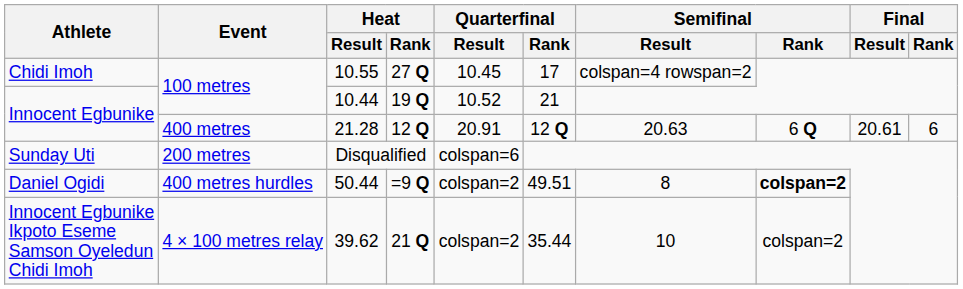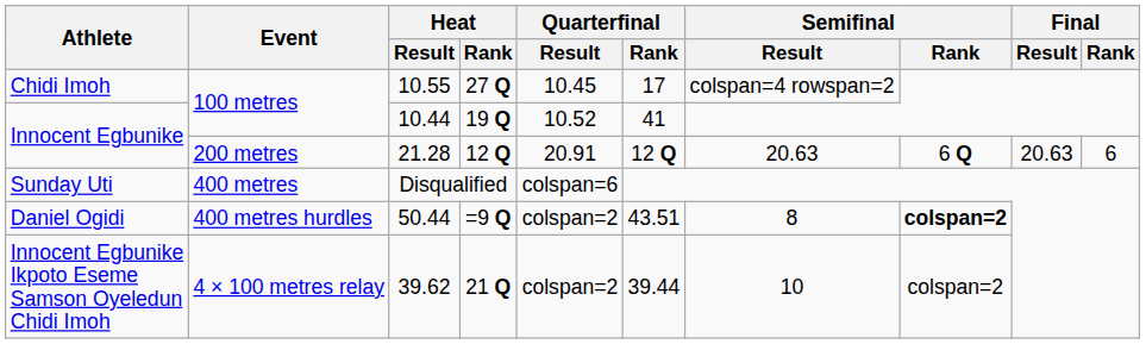 <table class=wikitable style=font-size:90%>
 <tr>
 <th rowspan=2>Athlete</th>
 <th rowspan=2>Event</th>
 <th colspan=2>Heat</th>
 <th colspan=2>Quarterfinal</th>
 <th colspan=2>Semifinal</th>
 <th colspan=2>Final</th>
 </tr>
 <tr style=font-size:95%>
 <th>Result</th>
 <th>Rank</th>
 <th>Result</th>
 <th>Rank</th>
 <th>Result</th>
 <th>Rank</th>
 <th>Result</th>
 <th>Rank</th>
 </tr>
 <tr align=center>
 <td align=left><a href='#'>Chidi Imoh</a></td>
 <td align=left rowspan=2><a href='#'>100 metres</a></td>
 <td>10.55</td>
 <td>27 <strong>Q</strong></td>
 <td>10.45</td>
 <td>17</td>
 <td>colspan=4 rowspan=2 </td>
 </tr>
 <tr align=center>
 <td align=left rowspan=2><a href='#'>Innocent Egbunike</a></td>
 <td>10.44</td>
 <td>19 <strong>Q</strong></td>
 <td>10.52</td>
-<td>21</td>
+<td>41</td>
 </tr>
 <tr align=center>
-<td align=left><a href='#'>400 metres</a></td>
+<td align=left><a href='#'>200 metres</a></td>
 <td>21.28</td>
 <td>12 <strong>Q</strong></td>
 <td>20.91</td>
 <td>12 <strong>Q</strong></td>
 <td>20.63</td>
 <td>6 <strong>Q</strong></td>
-<td>20.61</td>
+<td>20.63</td>
 <td>6</td>
 </tr>
 <tr align=center>
 <td align=left><a href='#'>Sunday Uti</a></td>
-<td align=left><a href='#'>200 metres</a></td>
+<td align=left><a href='#'>400 metres</a></td>
 <td colspan=2>Disqualified</td>
 <td>colspan=6 </td>
 </tr>
 <tr align=center>
 <td align=left><a href='#'>Daniel Ogidi</a></td>
 <td align=left><a href='#'>400 metres hurdles</a></td>
 <td>50.44</td>
 <td>=9 <strong>Q</strong></td>
 <td>colspan=2 </td>
-<td>49.51</td>
+<td>43.51</td>
 <td>8</td>
 <td><strong>colspan=2 </strong></td>
 </tr>
 <tr align=center>
 <td align=left><a href='#'>Innocent Egbunike</a><br><a href='#'>Ikpoto Eseme</a><br><a href='#'>Samson Oyeledun</a><br><a href='#'>Chidi Imoh</a></td>
 <td align=left><a href='#'>4 × 100 metres relay</a></td>
 <td>39.62</td>
 <td>21 <strong>Q</strong></td>
 <td>colspan=2 </td>
-<td>35.44</td>
+<td>39.44</td>
 <td>10</td>
 <td>colspan=2 </td>
 </tr>
 </table>
